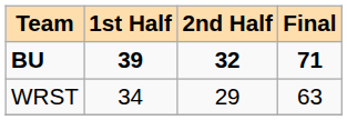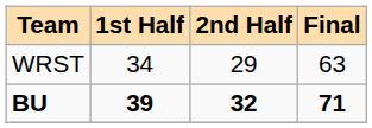 <table class="wikitable" align=right>
 <tr bgcolor=#ffdead align=center>
 <td><strong>Team</strong></td>
 <td><strong>1st Half</strong></td>
 <td><strong>2nd Half</strong></td>
 <td><strong>Final</strong></td>
 </tr>
 <tr>
+<td>WRST</td>
+<td align=center>34</td>
+<td align=center>29</td>
+<td align=center>63</td>
+</tr>
+<tr>
 <td><strong>BU</strong></td>
 <td align=center><strong>39</strong></td>
 <td align=center><strong>32</strong></td>
 <td align=center><strong>71</strong></td>
 </tr>
 <tr>
-<td>WRST</td>
-<td align=center>34</td>
-<td align=center>29</td>
-<td align=center>63</td>
-</tr>
-<tr>
 </tr>
 </table>
